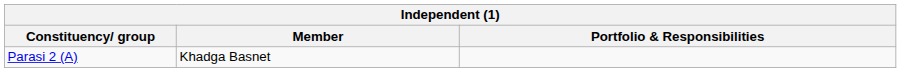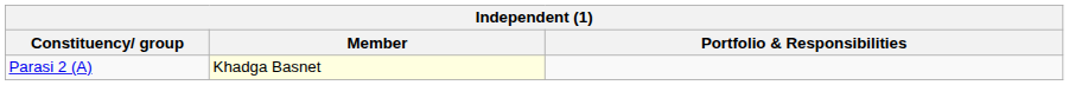 <table class="wikitable sortable">
 <tr>
 <th colspan="3" style="width: 800pt; background:">Independent (1)</th>
 </tr>
 <tr>
 <th style="width:150pt;">Constituency/ group</th>
 <th style="width:250pt;">Member</th>
 <th>Portfolio & Responsibilities</th>
 </tr>
 <tr>
 <td><a href='#'>Parasi 2 (A)</a></td>
-<td>Khadga Basnet</td>
+<td style="background: lightyellow;">Khadga Basnet</td>
 <td></td>
 </tr>
 </table>
